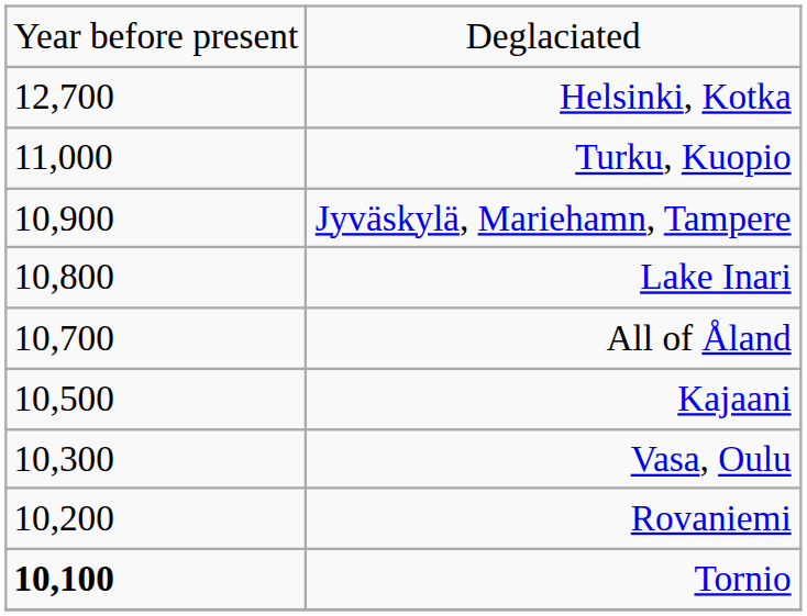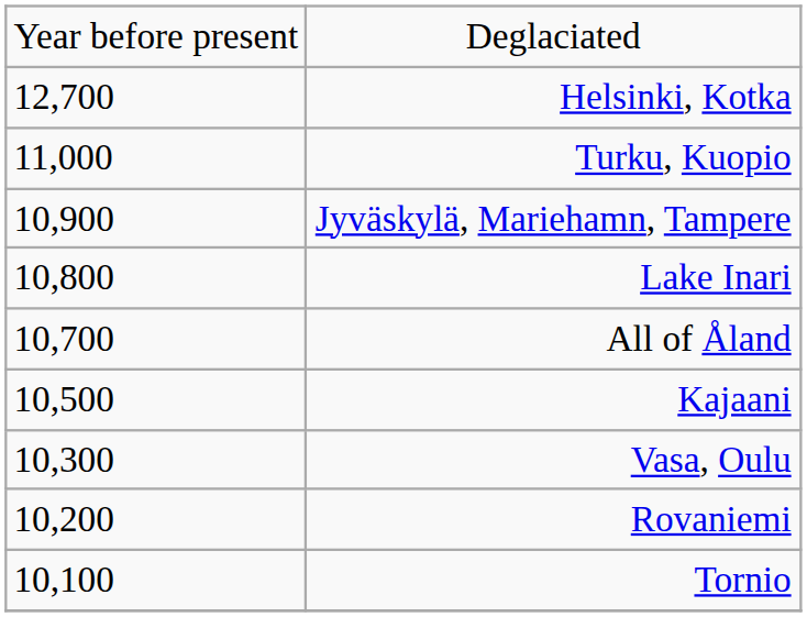 <table class="wikitable" align="right" style="width=70%; font-size:90%;border:1px solid darkgray;" border="1">
 <tr>
 <td valign="top">Year before present</td>
 <td valign="top" style="text-align:center;">Deglaciated</td>
 </tr>
 <tr>
 <td valign="top">12,700</td>
 <td align="right" valign="top"><a href='#'>Helsinki</a>, <a href='#'>Kotka</a></td>
 </tr>
 <tr>
 <td valign="top">11,000</td>
 <td align="right" valign="top"><a href='#'>Turku</a>, <a href='#'>Kuopio</a></td>
 </tr>
 <tr>
 <td valign="top">10,900</td>
 <td align="right" valign="top"><a href='#'>Jyväskylä</a>, <a href='#'>Mariehamn</a>, <a href='#'>Tampere</a></td>
 </tr>
 <tr>
 <td valign="top">10,800</td>
 <td align="right" valign="top"><a href='#'>Lake Inari</a></td>
 </tr>
 <tr>
 <td valign="top">10,700</td>
 <td align="right" valign="top">All of <a href='#'>Åland</a></td>
 </tr>
 <tr>
 <td valign="top">10,500</td>
 <td align="right" valign="top"><a href='#'>Kajaani</a></td>
 </tr>
 <tr>
 <td valign="top">10,300</td>
 <td align="right" valign="top"><a href='#'>Vasa</a>, <a href='#'>Oulu</a></td>
 </tr>
 <tr>
 <td valign="top">10,200</td>
 <td align="right" valign="top"><a href='#'>Rovaniemi</a></td>
 </tr>
 <tr>
-<td valign="top"><strong>10,100</strong></td>
+<td valign="top">10,100</td>
 <td align="right" valign="top"><a href='#'>Tornio</a></td>
 </tr>
 <tr>
 </tr>
 </table>
